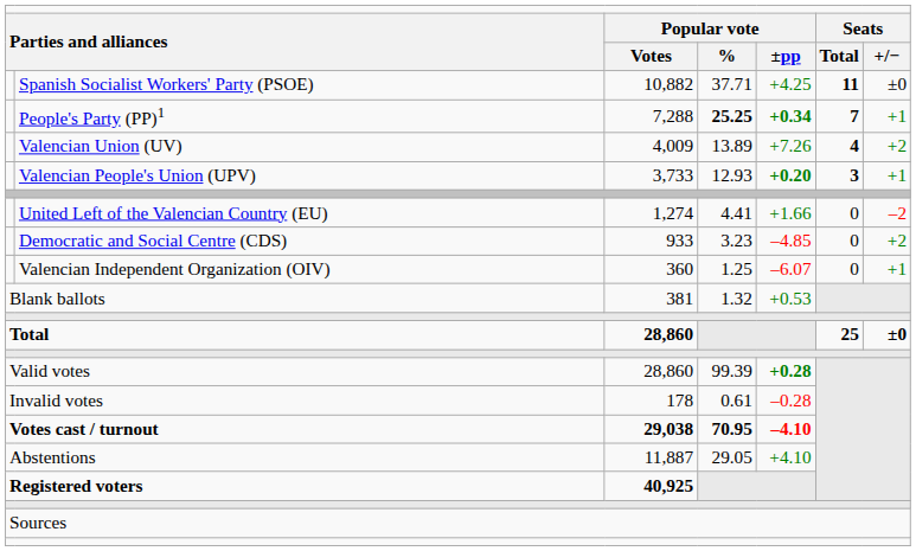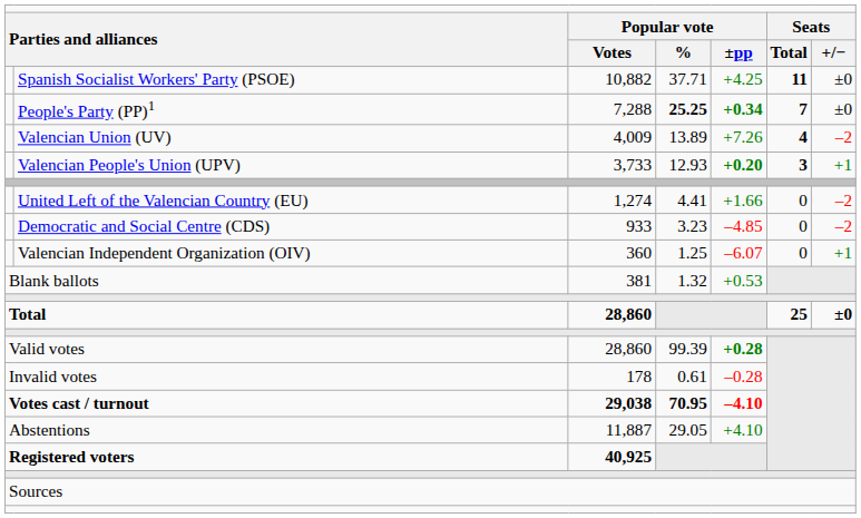 <table class="wikitable" style="text-align:right;">
 <tr>
 <td colspan="7"></td>
 </tr>
 <tr>
 <th style="text-align:left;" rowspan="2" colspan="2" width="525">Parties and alliances</th>
 <th colspan="3">Popular vote</th>
 <th colspan="2">Seats</th>
 </tr>
 <tr>
 <th width="75">Votes</th>
 <th width="45">%</th>
 <th width="45">±<a href='#'>pp</a></th>
 <th width="35">Total</th>
 <th width="35">+/−</th>
 </tr>
 <tr>
 <td width="1" style="color:inherit;background:"></td>
 <td align="left"><a href='#'>Spanish Socialist Workers' Party</a> (PSOE)</td>
 <td>10,882</td>
 <td>37.71</td>
 <td style="color:green;">+4.25</td>
 <td><strong>11</strong></td>
 <td>±0</td>
 </tr>
 <tr>
 <td style="color:inherit;background:"></td>
 <td align="left"><a href='#'>People's Party</a> (PP)<sup>1</sup></td>
 <td>7,288</td>
 <td><strong>25.25</strong></td>
 <td style="color:green;"><strong>+0.34</strong></td>
 <td><strong>7</strong></td>
-<td style="color:green;">+1</td>
+<td>±0</td>
 </tr>
 <tr>
 <td style="color:inherit;background:"></td>
 <td align="left"><a href='#'>Valencian Union</a> (UV)</td>
 <td>4,009</td>
 <td>13.89</td>
 <td style="color:green;">+7.26</td>
 <td><strong>4</strong></td>
-<td style="color:green;">+2</td>
+<td style="color:red;">–2</td>
 </tr>
 <tr>
 <td style="color:inherit;background:"></td>
 <td align="left"><a href='#'>Valencian People's Union</a> (UPV)</td>
 <td>3,733</td>
 <td>12.93</td>
 <td style="color:green;"><strong>+0.20</strong></td>
 <td><strong>3</strong></td>
 <td style="color:green;">+1</td>
 </tr>
 <tr>
 <td colspan="7" bgcolor="#C0C0C0"></td>
 </tr>
 <tr>
 <td style="color:inherit;background:"></td>
 <td align="left"><a href='#'>United Left of the Valencian Country</a> (EU)</td>
 <td>1,274</td>
 <td>4.41</td>
 <td style="color:green;">+1.66</td>
 <td>0</td>
 <td style="color:red;">–2</td>
 </tr>
 <tr>
 <td style="color:inherit;background:"></td>
 <td align="left"><a href='#'>Democratic and Social Centre</a> (CDS)</td>
 <td>933</td>
 <td>3.23</td>
 <td style="color:red;">–4.85</td>
 <td>0</td>
-<td style="color:green;">+2</td>
+<td style="color:red;">–2</td>
 </tr>
 <tr>
 <td style="color:inherit;background:"></td>
 <td align="left">Valencian Independent Organization (OIV)</td>
 <td>360</td>
 <td>1.25</td>
 <td style="color:red;">–6.07</td>
 <td>0</td>
 <td style="color:green;">+1</td>
 </tr>
 <tr>
 <td align="left" colspan="2">Blank ballots</td>
 <td>381</td>
 <td>1.32</td>
 <td style="color:green;">+0.53</td>
 <td bgcolor="#E9E9E9" colspan="2"></td>
 </tr>
 <tr>
 <td colspan="7" bgcolor="#E9E9E9"></td>
 </tr>
 <tr style="font-weight:bold;">
 <td align="left" colspan="2">Total</td>
 <td>28,860</td>
 <td bgcolor="#E9E9E9" colspan="2"></td>
 <td>25</td>
 <td>±0</td>
 </tr>
 <tr>
 <td colspan="7" bgcolor="#E9E9E9"></td>
 </tr>
 <tr>
 <td align="left" colspan="2">Valid votes</td>
 <td>28,860</td>
 <td>99.39</td>
 <td style="color:green;"><strong>+0.28</strong></td>
 <td bgcolor="#E9E9E9" colspan="2" rowspan="5"></td>
 </tr>
 <tr>
 <td align="left" colspan="2">Invalid votes</td>
 <td>178</td>
 <td>0.61</td>
 <td style="color:red;">–0.28</td>
 </tr>
 <tr style="font-weight:bold;">
 <td align="left" colspan="2">Votes cast / turnout</td>
 <td>29,038</td>
 <td>70.95</td>
 <td style="color:red;">–4.10</td>
 </tr>
 <tr>
 <td align="left" colspan="2">Abstentions</td>
 <td>11,887</td>
 <td>29.05</td>
 <td style="color:green;">+4.10</td>
 </tr>
 <tr style="font-weight:bold;">
 <td align="left" colspan="2">Registered voters</td>
 <td>40,925</td>
 <td bgcolor="#E9E9E9" colspan="2"></td>
 </tr>
 <tr>
 <td colspan="7" bgcolor="#E9E9E9"></td>
 </tr>
 <tr>
 <td align="left" colspan="7">Sources</td>
 </tr>
 <tr>
 <td colspan="7" style="text-align:left; max-width:790px;"></td>
 </tr>
 </table>
